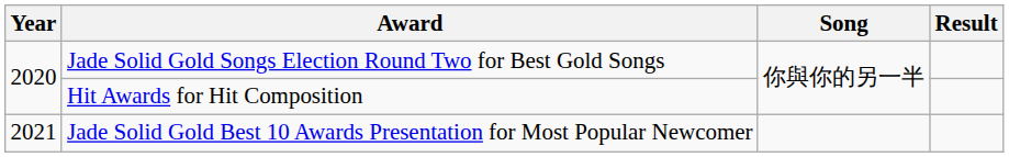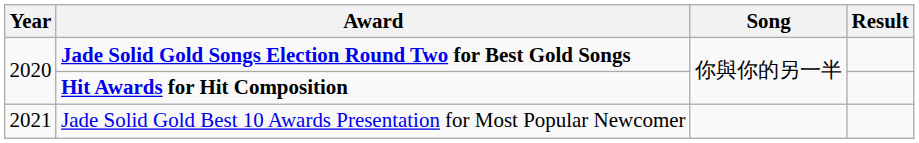 <table class="wikitable sortable">
 <tr>
 <th>Year</th>
 <th>Award</th>
 <th>Song</th>
 <th>Result</th>
 </tr>
 <tr>
 <td rowspan=2>2020</td>
-<td><a href='#'>Jade Solid Gold Songs Election Round Two</a> for Best Gold Songs</td>
+<td><strong><a href='#'>Jade Solid Gold Songs Election Round Two</a> for Best Gold Songs</strong></td>
 <td rowspan=2>你與你的另一半</td>
 <td></td>
 </tr>
 <tr>
-<td><a href='#'>Hit Awards</a> for Hit Composition</td>
+<td><strong><a href='#'>Hit Awards</a> for Hit Composition</strong></td>
 <td></td>
 </tr>
 <tr>
 <td>2021</td>
 <td><a href='#'>Jade Solid Gold Best 10 Awards Presentation</a> for Most Popular Newcomer</td>
 <td></td>
 <td></td>
 </tr>
 </table>
